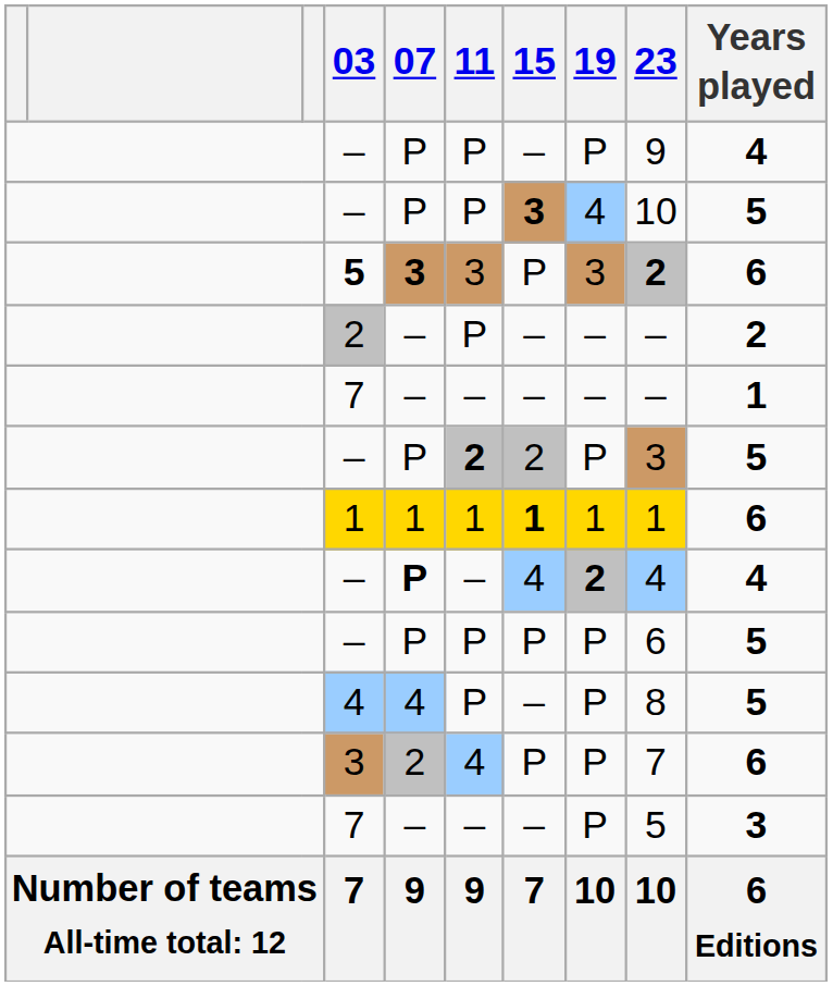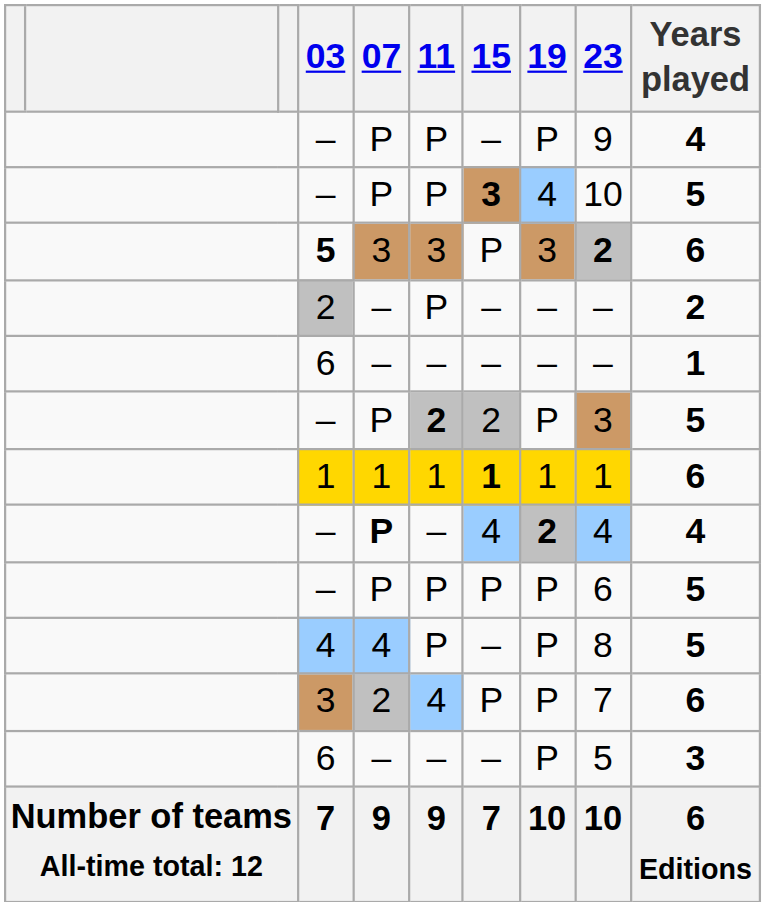 <table class="wikitable" style="text-align:center; margin-top:0.1em; margin-bottom:2.0em;">
 <tr>
 <th style="width:0.1em; border-right:1px transparent;"></th>
 <th></th>
 <th style="width:0.1em; border-left:1px transparent;"></th>
 <th><a href='#'>03</a></th>
 <th><a href='#'>07</a></th>
 <th><a href='#'>11</a></th>
 <th><a href='#'>15</a></th>
 <th><a href='#'>19</a></th>
 <th><a href='#'>23</a></th>
 <th style="color:#333; font-size:97%; line-height:130%;"><span> Y</span>ears<br>p<span>l</span>ayed</th>
 </tr>
 <tr>
 <td colspan="3" style="text-align:left;"></td>
 <td>–</td>
 <td>P</td>
 <td>P</td>
 <td>–</td>
 <td>P</td>
 <td>9</td>
 <td><strong>4</strong></td>
 </tr>
 <tr>
 <td colspan="3" style="text-align:left;"></td>
 <td>–</td>
 <td>P</td>
 <td>P</td>
 <td style="background-color:#cc9966;"><strong>3</strong></td>
 <td style="background-color:#9acdff;">4</td>
 <td>10</td>
 <td><strong>5</strong></td>
 </tr>
 <tr>
 <td colspan="3" style="text-align:left;"></td>
 <td><strong>5</strong></td>
-<td style="background-color:#cc9966;"><strong>3</strong></td>
+<td style="background-color:#cc9966;">3</td>
 <td style="background-color:#cc9966;">3</td>
 <td>P</td>
 <td style="background-color:#cc9966;">3</td>
 <td style="background-color:#c0c0c0; font-weight:bold;">2</td>
 <td><strong>6</strong></td>
 </tr>
 <tr>
 <td colspan="3" style="text-align:left;"></td>
 <td style="background-color:#c0c0c0;">2</td>
 <td>–</td>
 <td>P</td>
 <td>–</td>
 <td>–</td>
 <td>–</td>
 <td><strong>2</strong></td>
 </tr>
 <tr>
 <td colspan="3" style="text-align:left;"></td>
-<td>7</td>
+<td>6</td>
 <td>–</td>
 <td>–</td>
 <td>–</td>
 <td>–</td>
 <td>–</td>
 <td><strong>1</strong></td>
 </tr>
 <tr>
 <td colspan="3" style="text-align:left;"></td>
 <td>–</td>
 <td>P</td>
 <td style="background-color:#c0c0c0; font-weight:bold;">2</td>
 <td style="background-color:#c0c0c0;">2</td>
 <td>P</td>
 <td style="background-color:#cc9966;">3</td>
 <td><strong>5</strong></td>
 </tr>
 <tr>
 <td colspan="3" style="text-align:left;"></td>
 <td style="background-color:#ffd700;">1</td>
 <td style="background-color:#ffd700;">1</td>
 <td style="background-color:#ffd700;">1</td>
 <td style="background-color:#ffd700; font-weight:bold;">1</td>
 <td style="background-color:#ffd700;">1</td>
 <td style="background-color:#ffd700;">1</td>
 <td><strong>6</strong></td>
 </tr>
 <tr>
 <td colspan="3" style="text-align:left;"></td>
 <td>–</td>
 <td><strong>P</strong></td>
 <td>–</td>
 <td style="background-color:#9acdff;">4</td>
 <td style="background-color:#c0c0c0; font-weight:bold;">2</td>
 <td style="background-color:#9acdff;">4</td>
 <td><strong>4</strong></td>
 </tr>
 <tr>
 <td colspan="3" style="text-align:left;"></td>
 <td>–</td>
 <td>P</td>
 <td>P</td>
 <td>P</td>
 <td>P</td>
 <td>6</td>
 <td><strong>5</strong></td>
 </tr>
 <tr>
 <td colspan="3" style="text-align:left;"></td>
 <td style="background-color:#9acdff;">4</td>
 <td style="background-color:#9acdff;">4</td>
 <td>P</td>
 <td>–</td>
 <td>P</td>
 <td>8</td>
 <td><strong>5</strong></td>
 </tr>
 <tr>
 <td colspan="3" style="text-align:left;"></td>
 <td style="background-color:#cc9966;">3</td>
 <td style="background-color:#c0c0c0;">2</td>
 <td style="background-color:#9acdff;">4</td>
 <td>P</td>
 <td>P</td>
 <td>7</td>
 <td><strong>6</strong></td>
 </tr>
 <tr>
 <td colspan="3" style="text-align:left;"></td>
-<td>7</td>
+<td>6</td>
 <td>–</td>
 <td>–</td>
 <td>–</td>
 <td>P</td>
 <td>5</td>
 <td><strong>3</strong> </td>
 </tr>
 <tr style="vertical-align:top; font-weight:600; font-size:97%; line-height:140%;">
 <th colspan="3" style="padding:2px;">Number of teams<br><span><small>All-time total: 12</small></span></th>
 <th>7</th>
 <th>9</th>
 <th>9</th>
 <th>7</th>
 <th>10</th>
 <th>10</th>
 <th>6<br><span><small>Editions</small></span></th>
 </tr>
 </table>
